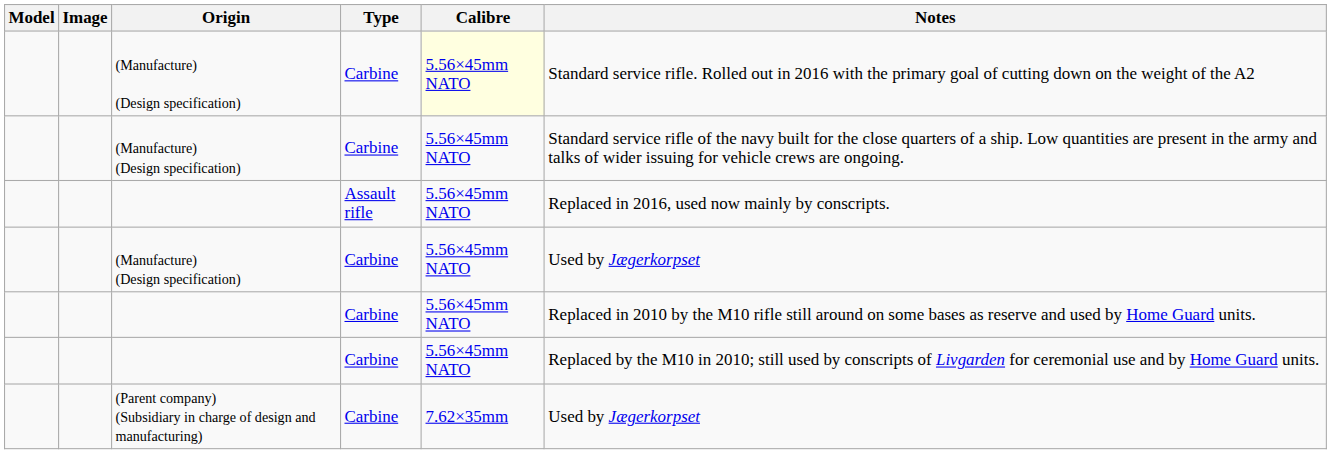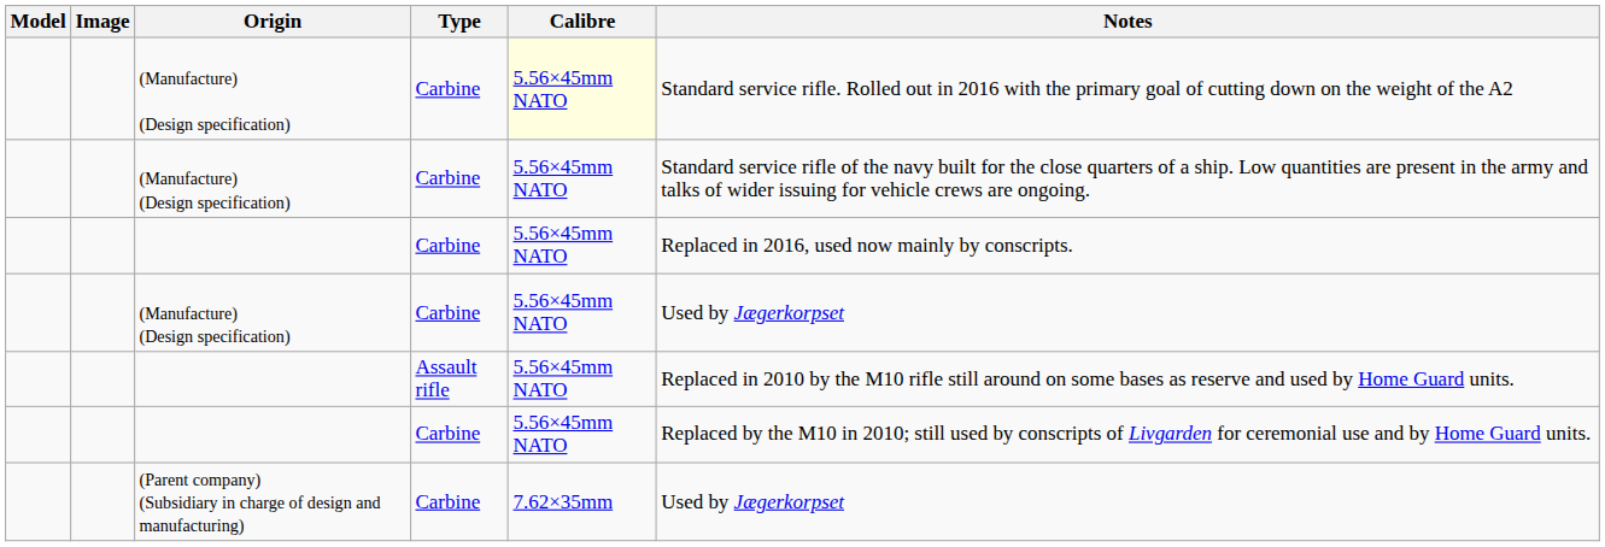 <table class="wikitable sortable">
 <tr>
 <th>Model</th>
 <th>Image</th>
 <th>Origin</th>
 <th>Type</th>
 <th>Calibre</th>
 <th>Notes</th>
 </tr>
 <tr>
 <td></td>
 <td></td>
 <td> <br><small>(Manufacture)</small><br> <br><small>(Design specification)</small></td>
 <td><a href='#'>Carbine</a></td>
 <td style="background: lightyellow;"><a href='#'>5.56×45mm NATO</a></td>
 <td>Standard service rifle. Rolled out in 2016 with the primary goal of cutting down on the weight of the A2</td>
 </tr>
 <tr>
 <td></td>
 <td></td>
 <td> <br><small>(Manufacture)</small> <br><small>(Design specification)</small></td>
 <td><a href='#'>Carbine</a></td>
 <td><a href='#'>5.56×45mm NATO</a></td>
 <td>Standard service rifle of the navy built for the close quarters of a ship. Low quantities are present in the army and talks of wider issuing for vehicle crews are ongoing.</td>
 </tr>
 <tr>
 <td></td>
 <td></td>
 <td></td>
-<td><a href='#'>Assault rifle</a></td>
+<td><a href='#'>Carbine</a></td>
 <td><a href='#'>5.56×45mm NATO</a></td>
 <td>Replaced in 2016, used now mainly by conscripts.</td>
 </tr>
 <tr>
 <td><div></div></td>
 <td></td>
 <td> <br><small>(Manufacture)</small> <br><small>(Design specification)</small></td>
 <td><a href='#'>Carbine</a></td>
 <td><a href='#'>5.56×45mm NATO</a></td>
 <td>Used by <em><a href='#'>Jægerkorpset</a></em></td>
 </tr>
 <tr>
 <td></td>
 <td></td>
 <td></td>
-<td><a href='#'>Carbine</a></td>
+<td><a href='#'>Assault rifle</a></td>
 <td><a href='#'>5.56×45mm NATO</a></td>
 <td>Replaced in 2010 by the M10 rifle still around on some bases as reserve and used by <a href='#'>Home Guard</a> units.</td>
 </tr>
 <tr>
 <td></td>
 <td></td>
 <td></td>
 <td><a href='#'>Carbine</a></td>
 <td><a href='#'>5.56×45mm NATO</a></td>
 <td>Replaced by the M10 in 2010; still used by conscripts of <em><a href='#'>Livgarden</a></em> for ceremonial use and by <a href='#'>Home Guard</a> units.</td>
 </tr>
 <tr>
 <td></td>
 <td></td>
 <td><small>(Parent company)</small><br><small>(Subsidiary in charge of design and manufacturing)</small></td>
 <td><a href='#'>Carbine</a></td>
 <td><a href='#'>7.62×35mm</a></td>
 <td>Used by <em><a href='#'>Jægerkorpset</a></em></td>
 </tr>
 </table>
